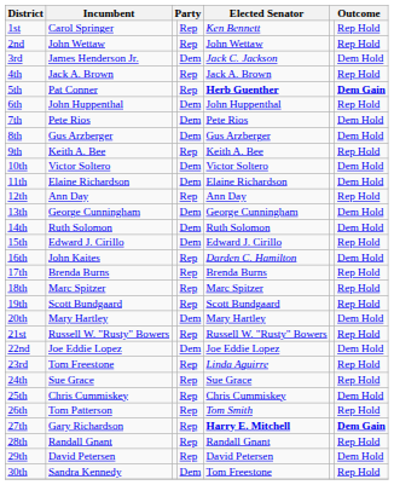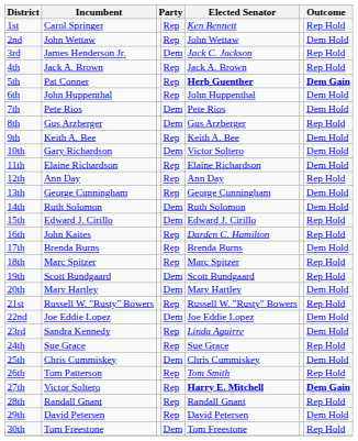 <table class="sortable wikitable" style="font-size:95%;line-height:14px;">
 <tr>
 <th>District</th>
 <th>Incumbent</th>
 <th colspan="2">Party</th>
 <th>Elected Senator</th>
 <th colspan="2">Outcome</th>
 </tr>
 <tr>
 <td><a href='#'>1st</a></td>
 <td><a href='#'>Carol Springer</a></td>
 <td style="background:"></td>
 <td><a href='#'>Rep</a></td>
 <td><em><a href='#'>Ken Bennett</a></em></td>
 <td style="background:"></td>
 <td><a href='#'>Rep Hold</a></td>
 </tr>
 <tr>
 <td><a href='#'>2nd</a></td>
 <td><a href='#'>John Wettaw</a></td>
 <td style="background:"></td>
 <td><a href='#'>Rep</a></td>
 <td><a href='#'>John Wettaw</a></td>
 <td style="background:"></td>
-<td><a href='#'>Rep Hold</a></td>
+<td><a href='#'>Dem Hold</a></td>
 </tr>
 <tr>
 <td><a href='#'>3rd</a></td>
 <td><a href='#'>James Henderson Jr.</a></td>
 <td style="background:"></td>
 <td><a href='#'>Dem</a></td>
 <td><em><a href='#'>Jack C. Jackson</a></em></td>
 <td style="background:"></td>
-<td><a href='#'>Dem Hold</a></td>
+<td><a href='#'>Rep Hold</a></td>
 </tr>
 <tr>
 <td><a href='#'>4th</a></td>
 <td><a href='#'>Jack A. Brown</a></td>
 <td style="background:"></td>
 <td><a href='#'>Rep</a></td>
 <td><a href='#'>Jack A. Brown</a></td>
 <td style="background:"></td>
 <td><a href='#'>Rep Hold</a></td>
 </tr>
 <tr>
 <td><a href='#'>5th</a></td>
 <td><a href='#'>Pat Conner</a></td>
 <td style="background:"></td>
 <td><a href='#'>Rep</a></td>
 <td><strong><a href='#'>Herb Guenther</a></strong></td>
 <td style="background:"></td>
 <td><strong><a href='#'>Dem Gain</a></strong></td>
 </tr>
 <tr>
 <td><a href='#'>6th</a></td>
 <td><a href='#'>John Huppenthal</a></td>
 <td style="background:"></td>
-<td><a href='#'>Dem</a></td>
+<td><a href='#'>Rep</a></td>
 <td><a href='#'>John Huppenthal</a></td>
 <td style="background:"></td>
-<td><a href='#'>Rep Hold</a></td>
+<td><a href='#'>Dem Hold</a></td>
 </tr>
 <tr>
 <td><a href='#'>7th</a></td>
 <td><a href='#'>Pete Rios</a></td>
 <td style="background:"></td>
 <td><a href='#'>Dem</a></td>
 <td><a href='#'>Pete Rios</a></td>
 <td style="background:"></td>
 <td><a href='#'>Dem Hold</a></td>
 </tr>
 <tr>
 <td><a href='#'>8th</a></td>
 <td><a href='#'>Gus Arzberger</a></td>
 <td style="background:"></td>
 <td><a href='#'>Dem</a></td>
 <td><a href='#'>Gus Arzberger</a></td>
 <td style="background:"></td>
-<td><a href='#'>Dem Hold</a></td>
+<td><a href='#'>Rep Hold</a></td>
 </tr>
 <tr>
 <td><a href='#'>9th</a></td>
 <td><a href='#'>Keith A. Bee</a></td>
 <td style="background:"></td>
 <td><a href='#'>Rep</a></td>
 <td><a href='#'>Keith A. Bee</a></td>
 <td style="background:"></td>
-<td><a href='#'>Rep Hold</a></td>
+<td><a href='#'>Dem Hold</a></td>
 </tr>
 <tr>
 <td><a href='#'>10th</a></td>
-<td><a href='#'>Victor Soltero</a></td>
+<td><a href='#'>Gary Richardson</a></td>
 <td style="background:"></td>
 <td><a href='#'>Dem</a></td>
 <td><a href='#'>Victor Soltero</a></td>
 <td style="background:"></td>
 <td><a href='#'>Dem Hold</a></td>
 </tr>
 <tr>
 <td><a href='#'>11th</a></td>
 <td><a href='#'>Elaine Richardson</a></td>
 <td style="background:"></td>
-<td><a href='#'>Dem</a></td>
+<td><a href='#'>Rep</a></td>
 <td><a href='#'>Elaine Richardson</a></td>
 <td style="background:"></td>
 <td><a href='#'>Dem Hold</a></td>
 </tr>
 <tr>
 <td><a href='#'>12th</a></td>
 <td><a href='#'>Ann Day</a></td>
 <td style="background:"></td>
 <td><a href='#'>Rep</a></td>
 <td><a href='#'>Ann Day</a></td>
 <td style="background:"></td>
 <td><a href='#'>Rep Hold</a></td>
 </tr>
 <tr>
 <td><a href='#'>13th</a></td>
 <td><a href='#'>George Cunningham</a></td>
 <td style="background:"></td>
-<td><a href='#'>Dem</a></td>
+<td><a href='#'>Rep</a></td>
 <td><a href='#'>George Cunningham</a></td>
 <td style="background:"></td>
 <td><a href='#'>Dem Hold</a></td>
 </tr>
 <tr>
 <td><a href='#'>14th</a></td>
 <td><a href='#'>Ruth Solomon</a></td>
 <td style="background:"></td>
 <td><a href='#'>Dem</a></td>
 <td><a href='#'>Ruth Solomon</a></td>
 <td style="background:"></td>
 <td><a href='#'>Dem Hold</a></td>
 </tr>
 <tr>
 <td><a href='#'>15th</a></td>
 <td><a href='#'>Edward J. Cirillo</a></td>
 <td style="background:"></td>
 <td><a href='#'>Dem</a></td>
 <td><a href='#'>Edward J. Cirillo</a></td>
 <td style="background:"></td>
 <td><a href='#'>Rep Hold</a></td>
 </tr>
 <tr>
 <td><a href='#'>16th</a></td>
 <td><a href='#'>John Kaites</a></td>
 <td style="background:"></td>
 <td><a href='#'>Rep</a></td>
 <td><em><a href='#'>Darden C. Hamilton</a></em></td>
 <td style="background:"></td>
-<td><a href='#'>Dem Hold</a></td>
+<td><a href='#'>Rep Hold</a></td>
 </tr>
 <tr>
 <td><a href='#'>17th</a></td>
 <td><a href='#'>Brenda Burns</a></td>
 <td style="background:"></td>
 <td><a href='#'>Rep</a></td>
 <td><a href='#'>Brenda Burns</a></td>
 <td style="background:"></td>
-<td><a href='#'>Rep Hold</a></td>
+<td><a href='#'>Dem Hold</a></td>
 </tr>
 <tr>
 <td><a href='#'>18th</a></td>
 <td><a href='#'>Marc Spitzer</a></td>
 <td style="background:"></td>
 <td><a href='#'>Rep</a></td>
 <td><a href='#'>Marc Spitzer</a></td>
 <td style="background:"></td>
 <td><a href='#'>Rep Hold</a></td>
 </tr>
 <tr>
 <td><a href='#'>19th</a></td>
 <td><a href='#'>Scott Bundgaard</a></td>
 <td style="background:"></td>
-<td><a href='#'>Rep</a></td>
+<td><a href='#'>Dem</a></td>
 <td><a href='#'>Scott Bundgaard</a></td>
 <td style="background:"></td>
 <td><a href='#'>Rep Hold</a></td>
 </tr>
 <tr>
 <td><a href='#'>20th</a></td>
 <td><a href='#'>Mary Hartley</a></td>
 <td style="background:"></td>
 <td><a href='#'>Dem</a></td>
 <td><a href='#'>Mary Hartley</a></td>
 <td style="background:"></td>
 <td><a href='#'>Dem Hold</a></td>
 </tr>
 <tr>
 <td><a href='#'>21st</a></td>
 <td><a href='#'>Russell W. "Rusty" Bowers</a></td>
 <td style="background:"></td>
 <td><a href='#'>Rep</a></td>
 <td><a href='#'>Russell W. "Rusty" Bowers</a></td>
 <td style="background:"></td>
 <td><a href='#'>Rep Hold</a></td>
 </tr>
 <tr>
 <td><a href='#'>22nd</a></td>
 <td><a href='#'>Joe Eddie Lopez</a></td>
 <td style="background:"></td>
 <td><a href='#'>Dem</a></td>
 <td><a href='#'>Joe Eddie Lopez</a></td>
 <td style="background:"></td>
 <td><a href='#'>Dem Hold</a></td>
 </tr>
 <tr>
 <td><a href='#'>23rd</a></td>
-<td><a href='#'>Tom Freestone</a></td>
+<td><a href='#'>Sandra Kennedy</a></td>
 <td style="background:"></td>
 <td><a href='#'>Rep</a></td>
 <td><em><a href='#'>Linda Aguirre</a></em></td>
 <td style="background:"></td>
-<td><a href='#'>Rep Hold</a></td>
+<td><a href='#'>Dem Hold</a></td>
 </tr>
 <tr>
 <td><a href='#'>24th</a></td>
 <td><a href='#'>Sue Grace</a></td>
 <td style="background:"></td>
 <td><a href='#'>Rep</a></td>
 <td><a href='#'>Sue Grace</a></td>
 <td style="background:"></td>
 <td><a href='#'>Rep Hold</a></td>
 </tr>
 <tr>
 <td><a href='#'>25th</a></td>
 <td><a href='#'>Chris Cummiskey</a></td>
 <td style="background:"></td>
-<td><a href='#'>Rep</a></td>
+<td><a href='#'>Dem</a></td>
 <td><a href='#'>Chris Cummiskey</a></td>
 <td style="background:"></td>
 <td><a href='#'>Dem Hold</a></td>
 </tr>
 <tr>
 <td><a href='#'>26th</a></td>
 <td><a href='#'>Tom Patterson</a></td>
 <td style="background:"></td>
 <td><a href='#'>Rep</a></td>
 <td><em><a href='#'>Tom Smith</a></em></td>
 <td style="background:"></td>
 <td><a href='#'>Rep Hold</a></td>
 </tr>
 <tr>
 <td><a href='#'>27th</a></td>
-<td><a href='#'>Gary Richardson</a></td>
+<td><a href='#'>Victor Soltero</a></td>
 <td style="background:"></td>
 <td><a href='#'>Rep</a></td>
 <td><strong><a href='#'>Harry E. Mitchell</a></strong></td>
 <td style="background:"></td>
 <td><strong><a href='#'>Dem Gain</a></strong></td>
 </tr>
 <tr>
 <td><a href='#'>28th</a></td>
 <td><a href='#'>Randall Gnant</a></td>
 <td style="background:"></td>
 <td><a href='#'>Rep</a></td>
 <td><a href='#'>Randall Gnant</a></td>
 <td style="background:"></td>
 <td><a href='#'>Rep Hold</a></td>
 </tr>
 <tr>
 <td><a href='#'>29th</a></td>
 <td><a href='#'>David Petersen</a></td>
 <td style="background:"></td>
 <td><a href='#'>Rep</a></td>
 <td><a href='#'>David Petersen</a></td>
 <td style="background:"></td>
 <td><a href='#'>Dem Hold</a></td>
 </tr>
 <tr>
 <td><a href='#'>30th</a></td>
-<td><a href='#'>Sandra Kennedy</a></td>
+<td><a href='#'>Tom Freestone</a></td>
 <td style="background:"></td>
 <td><a href='#'>Dem</a></td>
 <td><a href='#'>Tom Freestone</a></td>
 <td style="background:"></td>
 <td><a href='#'>Rep Hold</a></td>
 </tr>
 <tr>
 </tr>
 </table>
